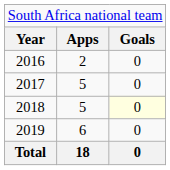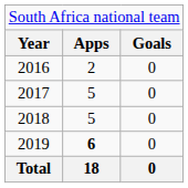 <table class="wikitable" style="text-align:center">
 <tr>
 <td colspan="3"><a href='#'>South Africa national team</a></td>
 </tr>
 <tr>
 <th>Year</th>
 <th>Apps</th>
 <th>Goals</th>
 </tr>
 <tr>
 <td>2016</td>
 <td>2</td>
 <td>0</td>
 </tr>
 <tr>
 <td>2017</td>
 <td>5</td>
 <td>0</td>
 </tr>
 <tr>
 <td>2018</td>
 <td>5</td>
-<td style="background: lightyellow;">0</td>
+<td>0</td>
 </tr>
 <tr>
 <td>2019</td>
-<td>6</td>
+<td><strong>6</strong></td>
 <td>0</td>
 </tr>
 <tr>
 <th>Total</th>
 <th>18</th>
 <th>0</th>
 </tr>
 </table>
